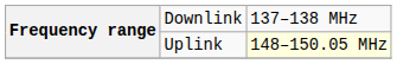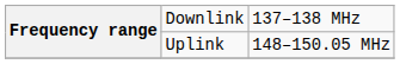 <table class="wikitable">
 <tr>
 <th rowspan="2">Frequency range</th>
 <td>Downlink</td>
 <td>137–138 MHz</td>
 </tr>
 <tr>
 <td>Uplink</td>
-<td style="background: lightyellow;">148–150.05 MHz</td>
+<td>148–150.05 MHz</td>
 </tr>
 <tr>
 </tr>
 </table>
